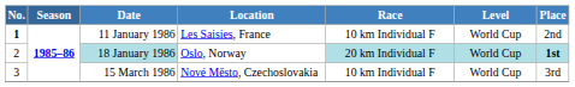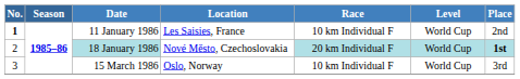 <table class="wikitable sortable" style="font-size:95%; text-align:center; border:grey solid 1px; border-collapse:collapse; background:#ffffff;">
 <tr style="background:#efefef;">
 <th style="background-color:#369; color:white;">No.</th>
 <th style="background-color:#369; color:white;">Season</th>
 <th style="background-color:#4180be; color:white; width:120px;">Date</th>
 <th style="background-color:#4180be; color:white; width:185px;">Location</th>
 <th style="background-color:#4180be; color:white; width:160px;">Race</th>
 <th style="background-color:#4180be; color:white; width:100px;">Level</th>
 <th style="background-color:#4180be; color:white;">Place</th>
 </tr>
 <tr>
 <td align=center><strong>1</strong></td>
 <td rowspan=3 align=center><strong> <a href='#'>1985–86</a> </strong></td>
 <td align=right>11 January 1986</td>
 <td align=left> <a href='#'>Les Saisies</a>, France</td>
 <td>10 km Individual F</td>
 <td>World Cup</td>
 <td>2nd</td>
 </tr>
 <tr>
 <td align=center>2</td>
 <td bgcolor="#BOEOE6" align=right>18 January 1986</td>
-<td align=left> <a href='#'>Oslo</a>, Norway</td>
+<td align=left> <a href='#'>Nové Město</a>, Czechoslovakia</td>
 <td bgcolor="#BOEOE6">20 km Individual F</td>
 <td bgcolor="#BOEOE6">World Cup</td>
 <td bgcolor="#BOEOE6"><strong>1st</strong></td>
 </tr>
 <tr>
 <td align=center>3</td>
 <td align=right>15 March 1986</td>
-<td align=left> <a href='#'>Nové Město</a>, Czechoslovakia</td>
+<td align=left> <a href='#'>Oslo</a>, Norway</td>
 <td>10 km Individual F</td>
 <td>World Cup</td>
 <td>3rd</td>
 </tr>
 <tr>
 </tr>
 </table>
